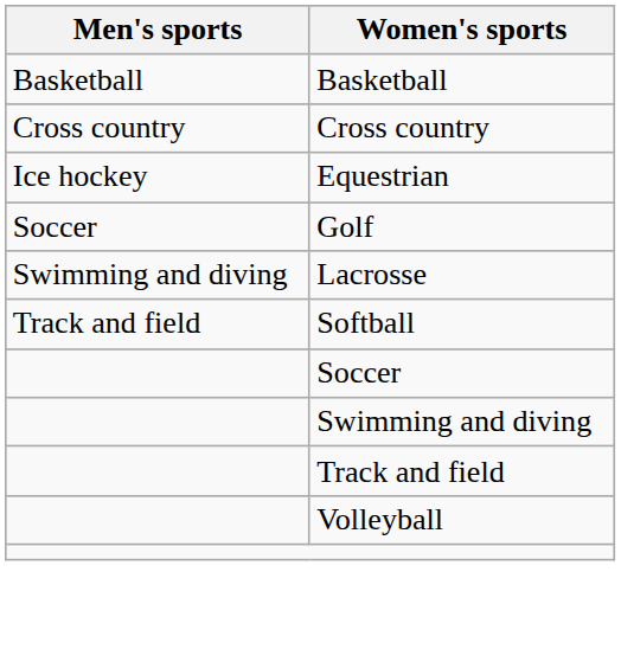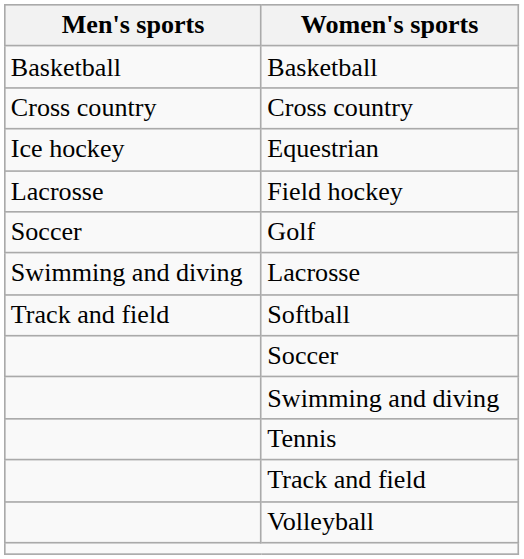 <table class="wikitable"; style= "text-align: ">
 <tr>
 <th width=150px>Men's sports</th>
 <th width=150px>Women's sports</th>
 </tr>
 <tr>
 <td>Basketball</td>
 <td>Basketball</td>
 </tr>
 <tr>
 <td>Cross country</td>
 <td>Cross country</td>
 </tr>
 <tr>
 <td>Ice hockey</td>
 <td>Equestrian</td>
+</tr>
+<tr>
+<td>Lacrosse</td>
+<td>Field hockey</td>
 </tr>
 <tr>
 <td>Soccer</td>
 <td>Golf</td>
 </tr>
 <tr>
 <td>Swimming and diving</td>
 <td>Lacrosse</td>
 </tr>
 <tr>
 <td>Track and field</td>
 <td>Softball</td>
 </tr>
 <tr>
 <td></td>
 <td>Soccer</td>
 </tr>
 <tr>
 <td></td>
 <td>Swimming and diving</td>
 </tr>
 <tr>
 <td></td>
+<td>Tennis</td>
+</tr>
+<tr>
+<td></td>
 <td>Track and field</td>
 </tr>
 <tr>
 <td></td>
 <td>Volleyball</td>
 </tr>
 <tr>
 <td colspan=2></td>
 </tr>
 </table>
